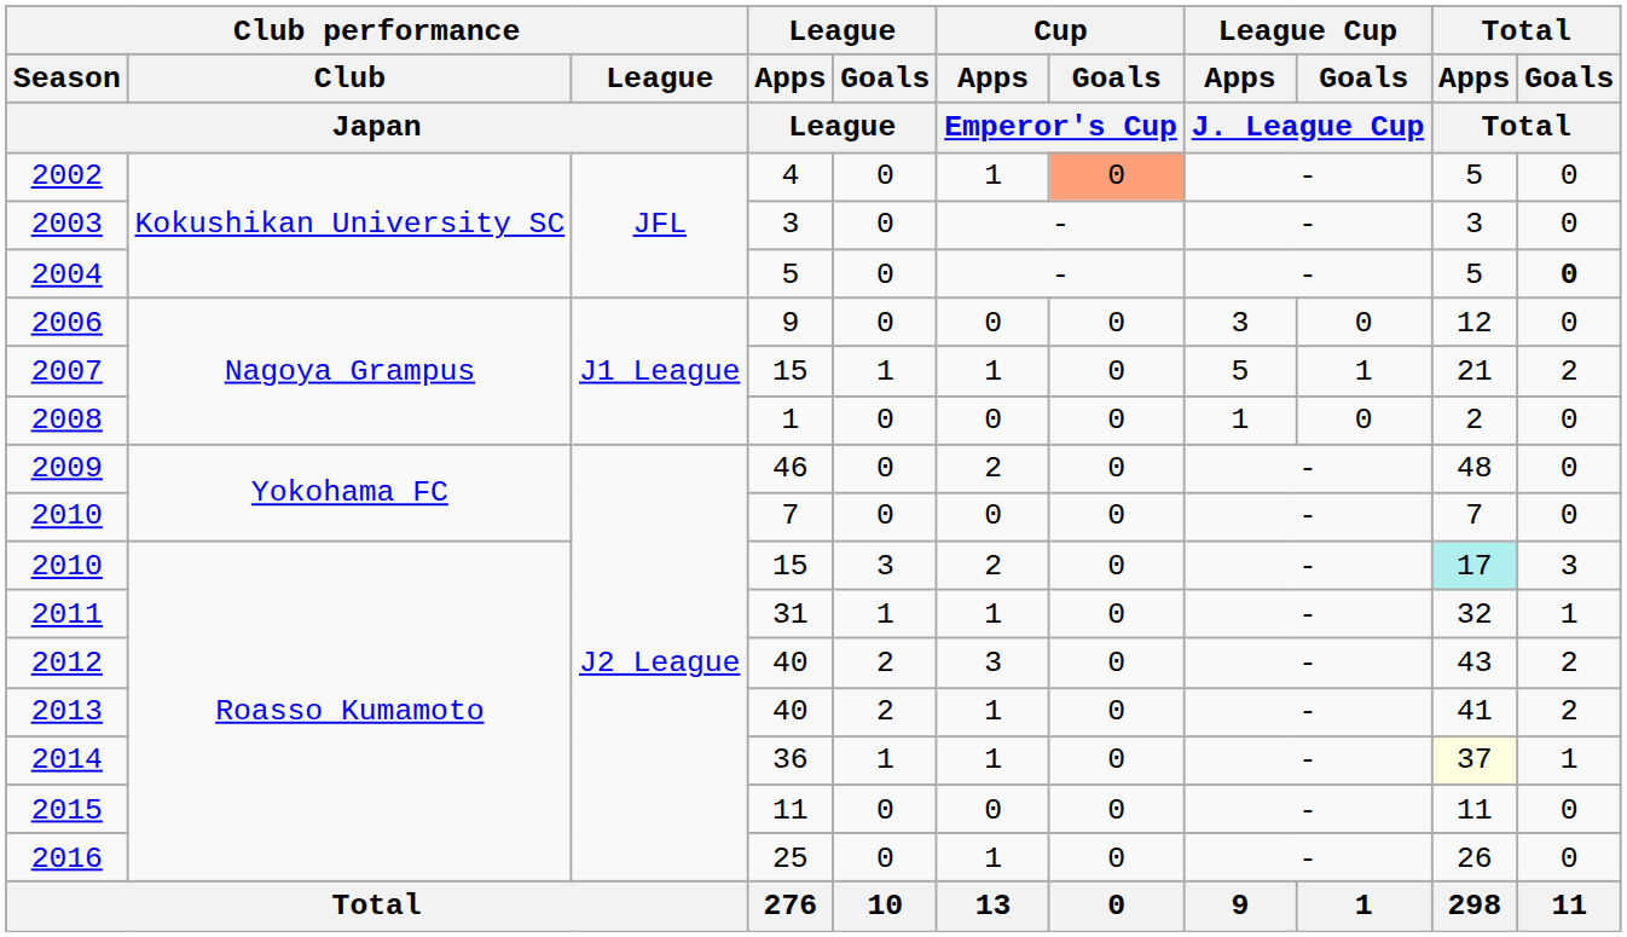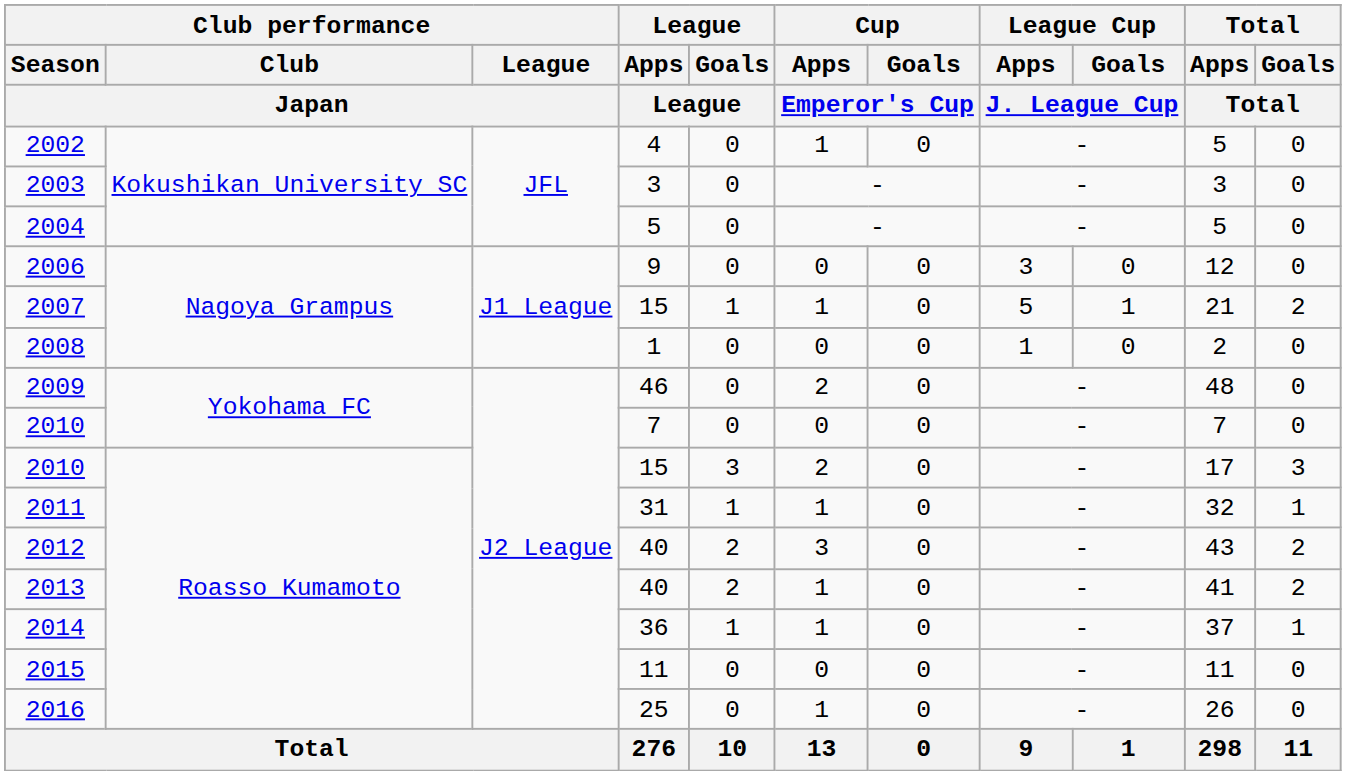 <table class="wikitable" style="text-align:center;">
 <tr>
 <th colspan=3>Club performance</th>
 <th colspan=2>League</th>
 <th colspan=2>Cup</th>
 <th colspan=2>League Cup</th>
 <th colspan=2>Total</th>
 </tr>
 <tr>
 <th>Season</th>
 <th>Club</th>
 <th>League</th>
 <th>Apps</th>
 <th>Goals</th>
 <th>Apps</th>
 <th>Goals</th>
 <th>Apps</th>
 <th>Goals</th>
 <th>Apps</th>
 <th>Goals</th>
 </tr>
 <tr>
 <th colspan=3>Japan</th>
 <th colspan=2>League</th>
 <th colspan=2><a href='#'>Emperor's Cup</a></th>
 <th colspan=2><a href='#'>J. League Cup</a></th>
 <th colspan=2>Total</th>
 </tr>
 <tr>
 <td><a href='#'>2002</a></td>
 <td rowspan="3"><a href='#'>Kokushikan University SC</a></td>
 <td rowspan="3"><a href='#'>JFL</a></td>
 <td>4</td>
 <td>0</td>
 <td>1</td>
-<td style="background: lightsalmon;">0</td>
+<td>0</td>
 <td colspan="2">-</td>
 <td>5</td>
 <td>0</td>
 </tr>
 <tr>
 <td><a href='#'>2003</a></td>
 <td>3</td>
 <td>0</td>
 <td colspan="2">-</td>
 <td colspan="2">-</td>
 <td>3</td>
 <td>0</td>
 </tr>
 <tr>
 <td><a href='#'>2004</a></td>
 <td>5</td>
 <td>0</td>
 <td colspan="2">-</td>
 <td colspan="2">-</td>
 <td>5</td>
-<td><strong>0</strong></td>
+<td>0</td>
 </tr>
 <tr>
 <td><a href='#'>2006</a></td>
 <td rowspan="3"><a href='#'>Nagoya Grampus</a></td>
 <td rowspan="3"><a href='#'>J1 League</a></td>
 <td>9</td>
 <td>0</td>
 <td>0</td>
 <td>0</td>
 <td>3</td>
 <td>0</td>
 <td>12</td>
 <td>0</td>
 </tr>
 <tr>
 <td><a href='#'>2007</a></td>
 <td>15</td>
 <td>1</td>
 <td>1</td>
 <td>0</td>
 <td>5</td>
 <td>1</td>
 <td>21</td>
 <td>2</td>
 </tr>
 <tr>
 <td><a href='#'>2008</a></td>
 <td>1</td>
 <td>0</td>
 <td>0</td>
 <td>0</td>
 <td>1</td>
 <td>0</td>
 <td>2</td>
 <td>0</td>
 </tr>
 <tr>
 <td><a href='#'>2009</a></td>
 <td rowspan="2"><a href='#'>Yokohama FC</a></td>
 <td rowspan="9"><a href='#'>J2 League</a></td>
 <td>46</td>
 <td>0</td>
 <td>2</td>
 <td>0</td>
 <td colspan="2">-</td>
 <td>48</td>
 <td>0</td>
 </tr>
 <tr>
 <td><a href='#'>2010</a></td>
 <td>7</td>
 <td>0</td>
 <td>0</td>
 <td>0</td>
 <td colspan="2">-</td>
 <td>7</td>
 <td>0</td>
 </tr>
 <tr>
 <td><a href='#'>2010</a></td>
 <td rowspan="7"><a href='#'>Roasso Kumamoto</a></td>
 <td>15</td>
 <td>3</td>
 <td>2</td>
 <td>0</td>
 <td colspan="2">-</td>
-<td style="background: paleturquoise;">17</td>
+<td>17</td>
 <td>3</td>
 </tr>
 <tr>
 <td><a href='#'>2011</a></td>
 <td>31</td>
 <td>1</td>
 <td>1</td>
 <td>0</td>
 <td colspan="2">-</td>
 <td>32</td>
 <td>1</td>
 </tr>
 <tr>
 <td><a href='#'>2012</a></td>
 <td>40</td>
 <td>2</td>
 <td>3</td>
 <td>0</td>
 <td colspan="2">-</td>
 <td>43</td>
 <td>2</td>
 </tr>
 <tr>
 <td><a href='#'>2013</a></td>
 <td>40</td>
 <td>2</td>
 <td>1</td>
 <td>0</td>
 <td colspan="2">-</td>
 <td>41</td>
 <td>2</td>
 </tr>
 <tr>
 <td><a href='#'>2014</a></td>
 <td>36</td>
 <td>1</td>
 <td>1</td>
 <td>0</td>
 <td colspan="2">-</td>
-<td style="background: lightyellow;">37</td>
+<td>37</td>
 <td>1</td>
 </tr>
 <tr>
 <td><a href='#'>2015</a></td>
 <td>11</td>
 <td>0</td>
 <td>0</td>
 <td>0</td>
 <td colspan="2">-</td>
 <td>11</td>
 <td>0</td>
 </tr>
 <tr>
 <td><a href='#'>2016</a></td>
 <td>25</td>
 <td>0</td>
 <td>1</td>
 <td>0</td>
 <td colspan="2">-</td>
 <td>26</td>
 <td>0</td>
 </tr>
 <tr>
 <th colspan=3>Total</th>
 <th>276</th>
 <th>10</th>
 <th>13</th>
 <th>0</th>
 <th>9</th>
 <th>1</th>
 <th>298</th>
 <th>11</th>
 </tr>
 </table>
